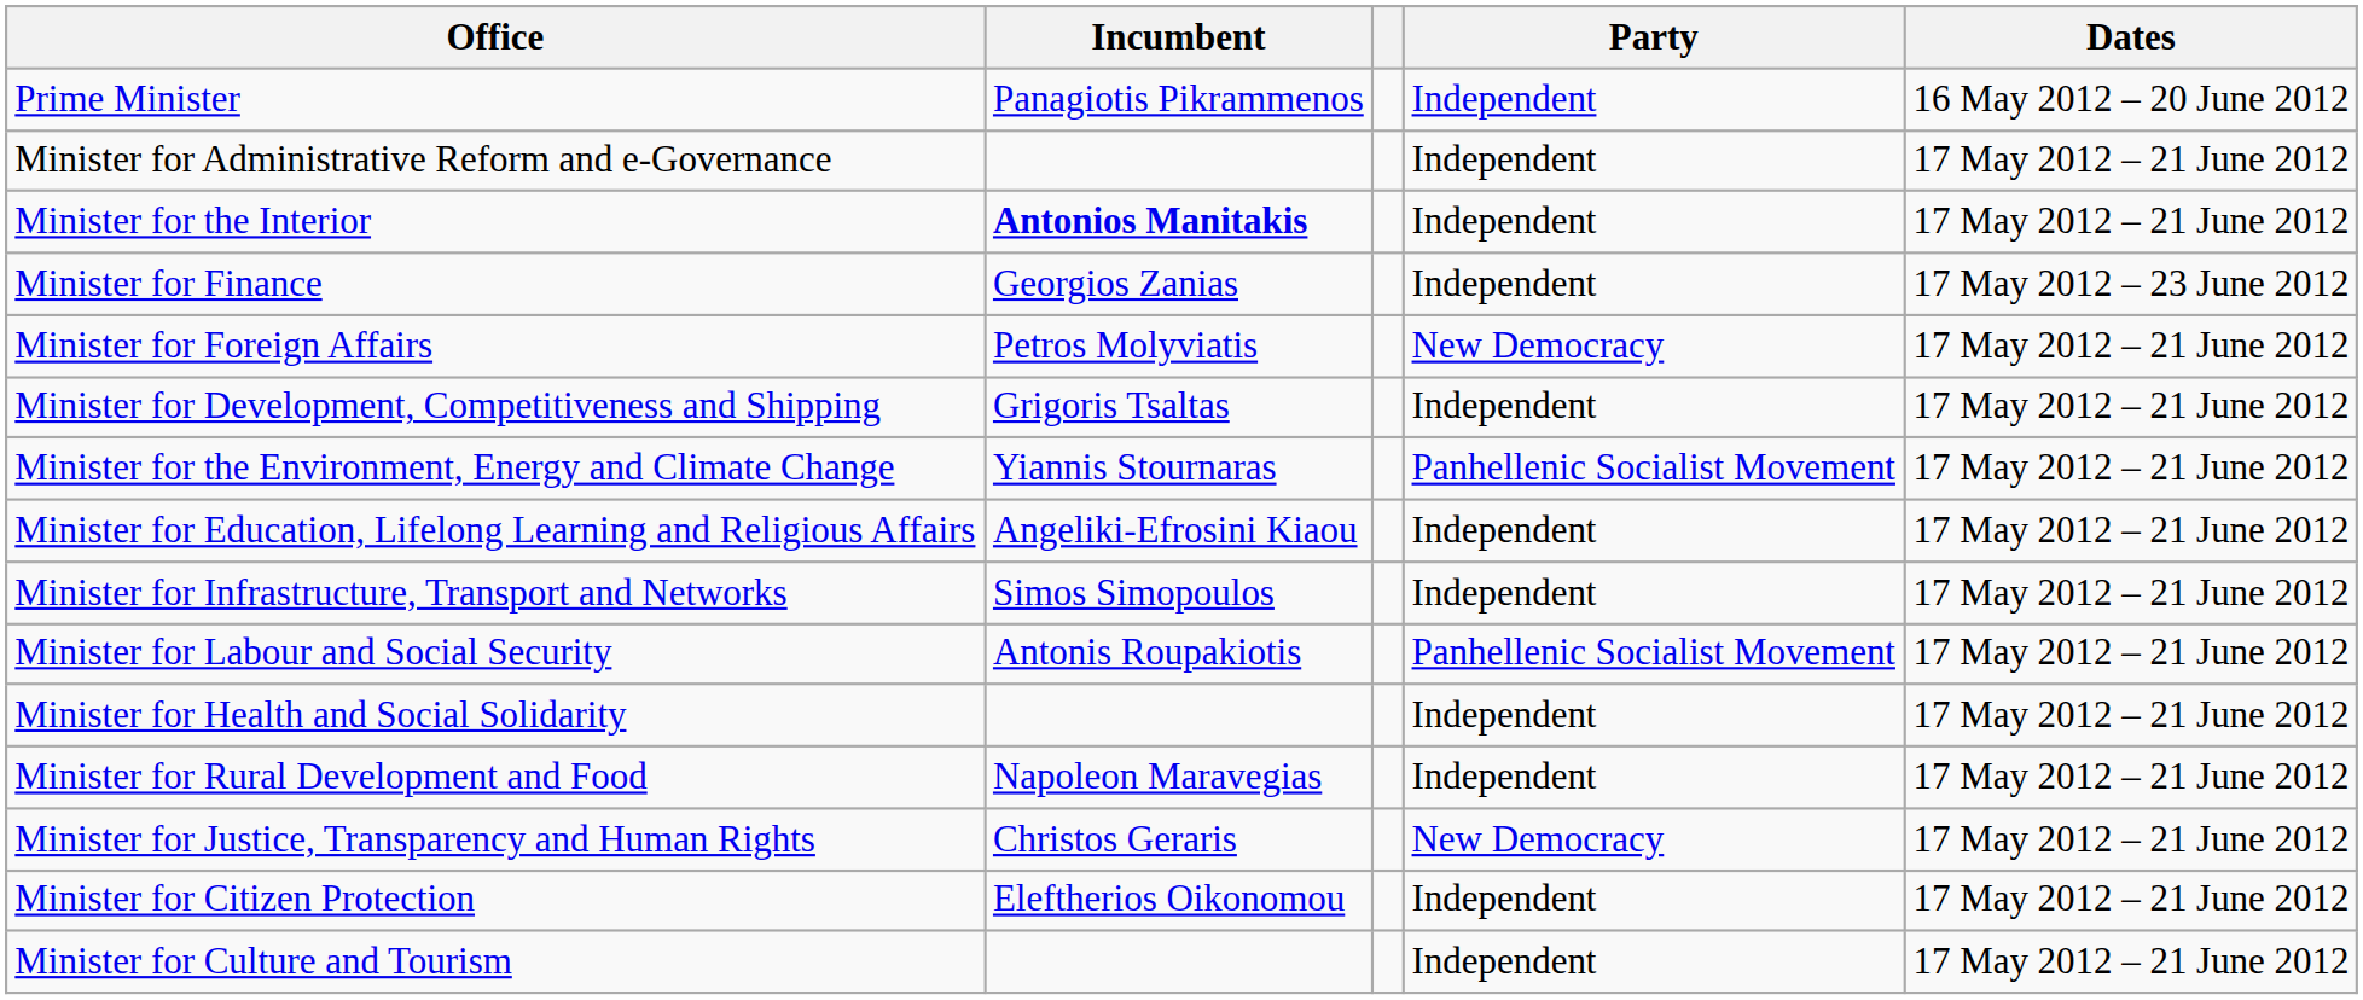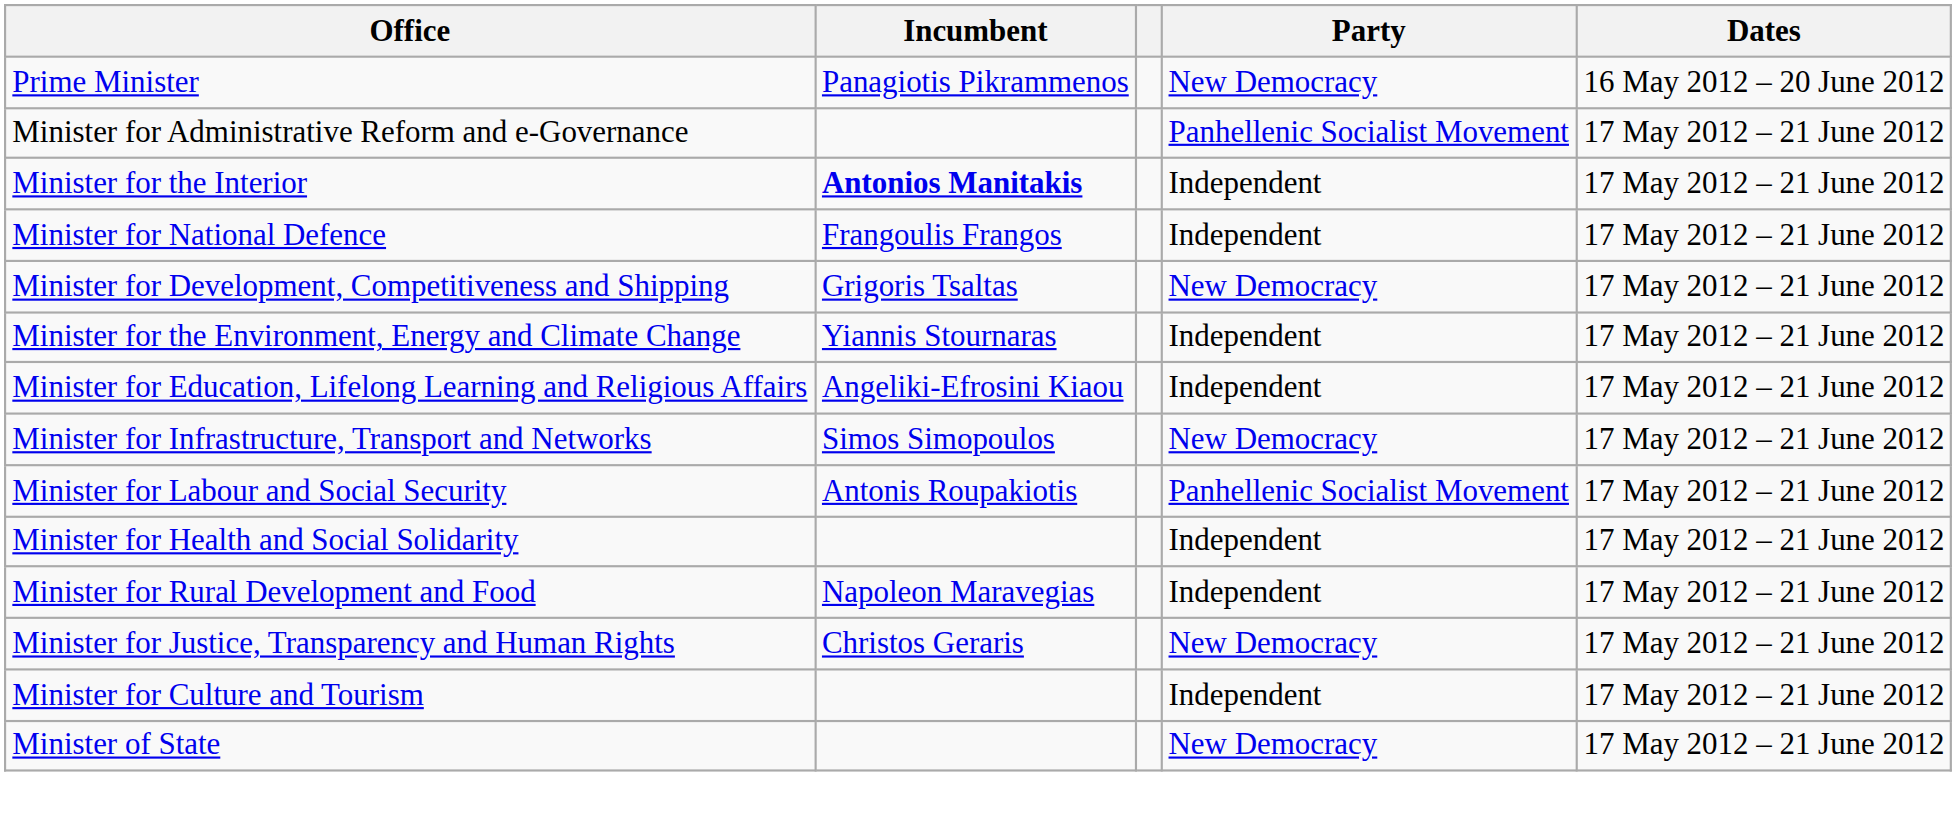 <table class="wikitable" style="font-size: 90%;">
 <tr>
 <th>Office</th>
 <th>Incumbent</th>
 <th></th>
 <th>Party</th>
 <th>Dates</th>
 </tr>
 <tr>
 <td><a href='#'>Prime Minister</a></td>
 <td><a href='#'>Panagiotis Pikrammenos</a></td>
 <td width=5px style="background-color: "></td>
-<td><a href='#'>Independent</a></td>
+<td><a href='#'>New Democracy</a></td>
 <td>16 May 2012 – 20 June 2012</td>
 </tr>
 <tr>
 <td>Minister for Administrative Reform and e-Governance</td>
 <td></td>
 <td style="background-color: "></td>
-<td>Independent</td>
+<td><a href='#'>Panhellenic Socialist Movement</a></td>
 <td>17 May 2012 – 21 June 2012</td>
 </tr>
 <tr>
 <td><a href='#'>Minister for the Interior</a></td>
 <td><strong><a href='#'>Antonios Manitakis</a></strong></td>
 <td style="background-color: "></td>
 <td>Independent</td>
 <td>17 May 2012 – 21 June 2012</td>
 </tr>
 <tr>
-<td><a href='#'>Minister for Finance</a></td>
-<td><a href='#'>Georgios Zanias</a></td>
+<td><a href='#'>Minister for National Defence</a></td>
+<td><a href='#'>Frangoulis Frangos</a></td>
 <td style="background-color: "></td>
 <td>Independent</td>
-<td>17 May 2012 – 23 June 2012</td>
-</tr>
-<tr>
-<td><a href='#'>Minister for Foreign Affairs</a></td>
-<td><a href='#'>Petros Molyviatis</a></td>
-<td style="background-color: "></td>
-<td><a href='#'>New Democracy</a></td>
 <td>17 May 2012 – 21 June 2012</td>
 </tr>
 <tr>
 <td><a href='#'>Minister for Development, Competitiveness and Shipping</a></td>
 <td><a href='#'>Grigoris Tsaltas</a></td>
 <td style="background-color: "></td>
-<td>Independent</td>
+<td><a href='#'>New Democracy</a></td>
 <td>17 May 2012 – 21 June 2012</td>
 </tr>
 <tr>
 <td><a href='#'>Minister for the Environment, Energy and Climate Change</a></td>
 <td><a href='#'>Yiannis Stournaras</a></td>
 <td style="background-color: "></td>
-<td><a href='#'>Panhellenic Socialist Movement</a></td>
+<td>Independent</td>
 <td>17 May 2012 – 21 June 2012</td>
 </tr>
 <tr>
 <td><a href='#'>Minister for Education, Lifelong Learning and Religious Affairs</a></td>
 <td><a href='#'>Angeliki-Efrosini Kiaou</a></td>
 <td style="background-color: "></td>
 <td>Independent</td>
 <td>17 May 2012 – 21 June 2012</td>
 </tr>
 <tr>
 <td><a href='#'>Minister for Infrastructure, Transport and Networks</a></td>
 <td><a href='#'>Simos Simopoulos</a></td>
 <td style="background-color: "></td>
-<td>Independent</td>
+<td><a href='#'>New Democracy</a></td>
 <td>17 May 2012 – 21 June 2012</td>
 </tr>
 <tr>
 <td><a href='#'>Minister for Labour and Social Security</a></td>
 <td><a href='#'>Antonis Roupakiotis</a></td>
 <td style="background-color: "></td>
 <td><a href='#'>Panhellenic Socialist Movement</a></td>
 <td>17 May 2012 – 21 June 2012</td>
 </tr>
 <tr>
 <td><a href='#'>Minister for Health and Social Solidarity</a></td>
 <td></td>
 <td style="background-color: "></td>
 <td>Independent</td>
 <td>17 May 2012 – 21 June 2012</td>
 </tr>
 <tr>
 <td><a href='#'>Minister for Rural Development and Food</a></td>
 <td><a href='#'>Napoleon Maravegias</a></td>
 <td style="background-color: "></td>
 <td>Independent</td>
 <td>17 May 2012 – 21 June 2012</td>
 </tr>
 <tr>
 <td><a href='#'>Minister for Justice, Transparency and Human Rights</a></td>
 <td><a href='#'>Christos Geraris</a></td>
 <td style="background-color: "></td>
 <td><a href='#'>New Democracy</a></td>
 <td>17 May 2012 – 21 June 2012</td>
 </tr>
 <tr>
-<td><a href='#'>Minister for Citizen Protection</a></td>
-<td><a href='#'>Eleftherios Oikonomou</a></td>
-<td style="background-color: "></td>
-<td>Independent</td>
-<td>17 May 2012 – 21 June 2012</td>
-</tr>
-<tr>
 <td><a href='#'>Minister for Culture and Tourism</a></td>
 <td></td>
 <td style="background-color: "></td>
 <td>Independent</td>
 <td>17 May 2012 – 21 June 2012</td>
 </tr>
+<tr>
+<td><a href='#'>Minister of State</a></td>
+<td></td>
+<td style="background-color: "></td>
+<td><a href='#'>New Democracy</a></td>
+<td>17 May 2012 – 21 June 2012</td>
+</tr>
 </table>
